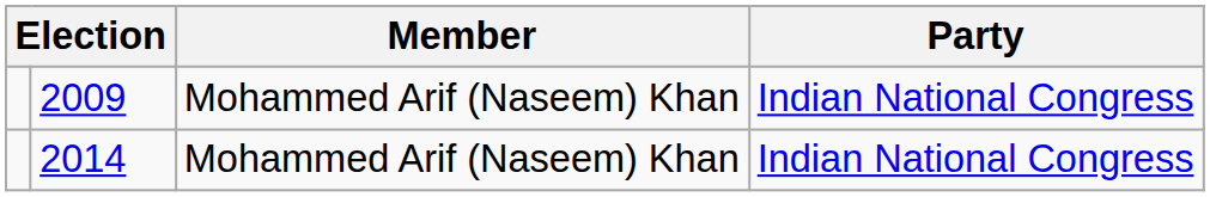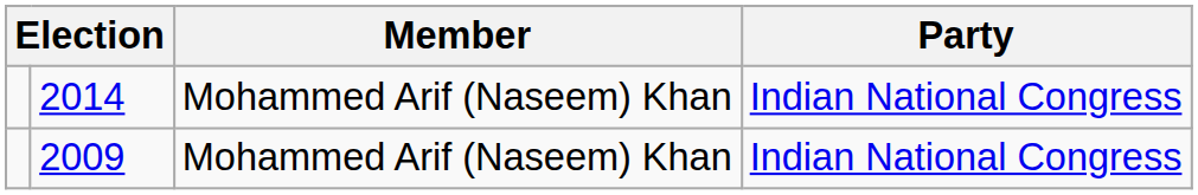 <table class="wikitable">
 <tr>
 <th colspan="2">Election</th>
 <th>Member</th>
 <th>Party</th>
 </tr>
 <tr>
 <td style="background-color: "></td>
-<td><a href='#'>2009</a></td>
+<td><a href='#'>2014</a></td>
 <td>Mohammed Arif (Naseem) Khan</td>
 <td><a href='#'>Indian National Congress</a></td>
 </tr>
 <tr>
 <td style="background-color: "></td>
-<td><a href='#'>2014</a></td>
+<td><a href='#'>2009</a></td>
 <td>Mohammed Arif (Naseem) Khan</td>
 <td><a href='#'>Indian National Congress</a></td>
 </tr>
 </table>
